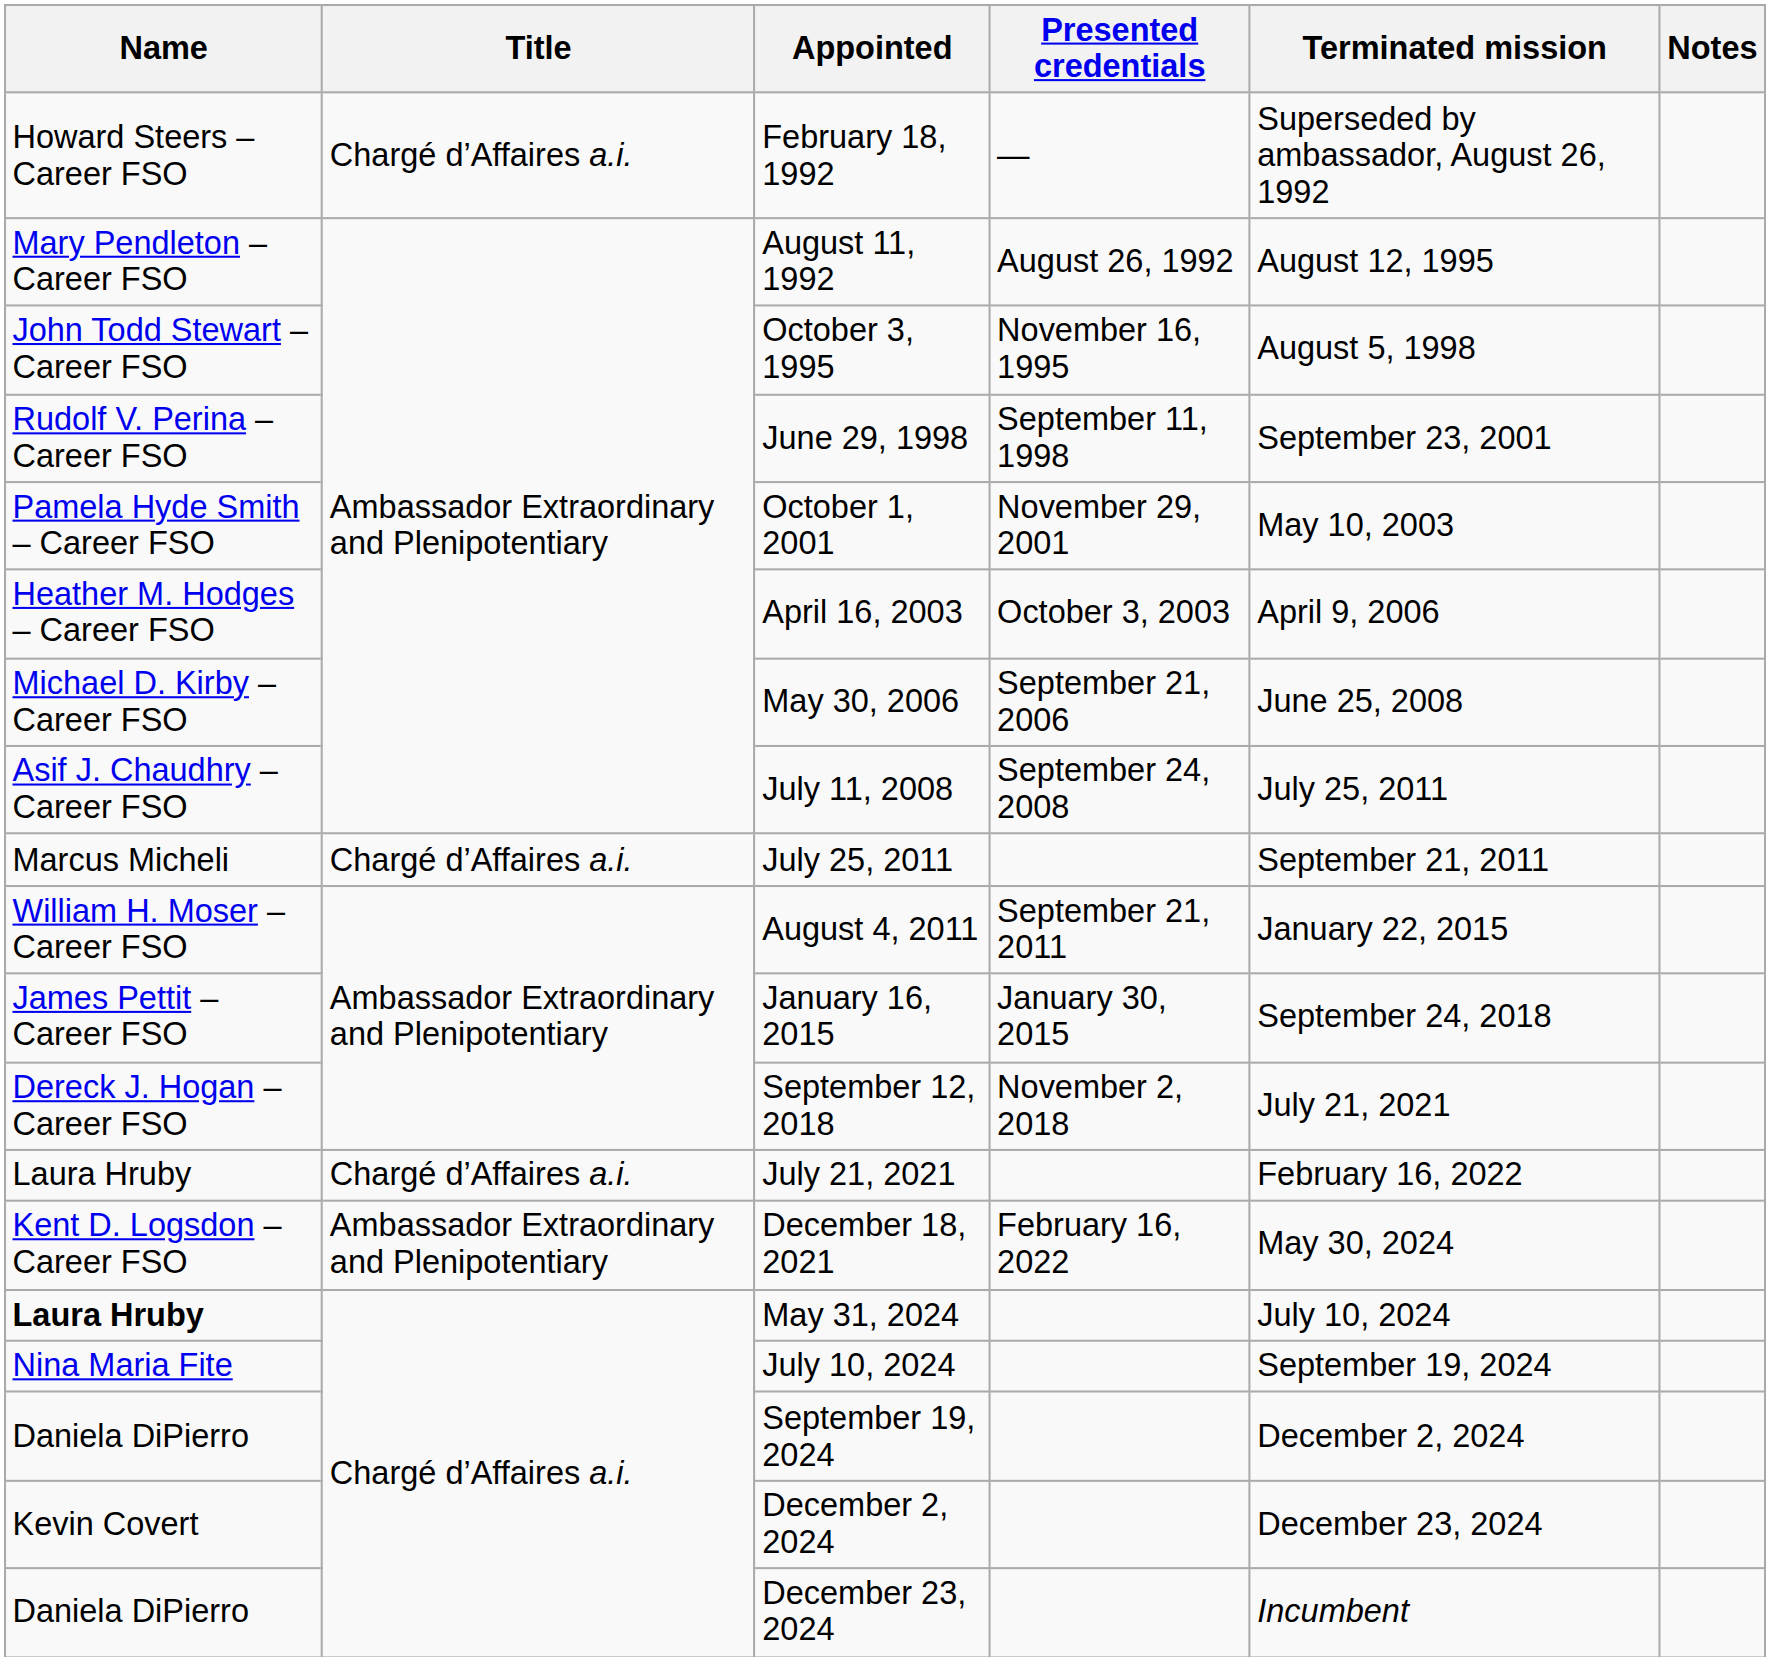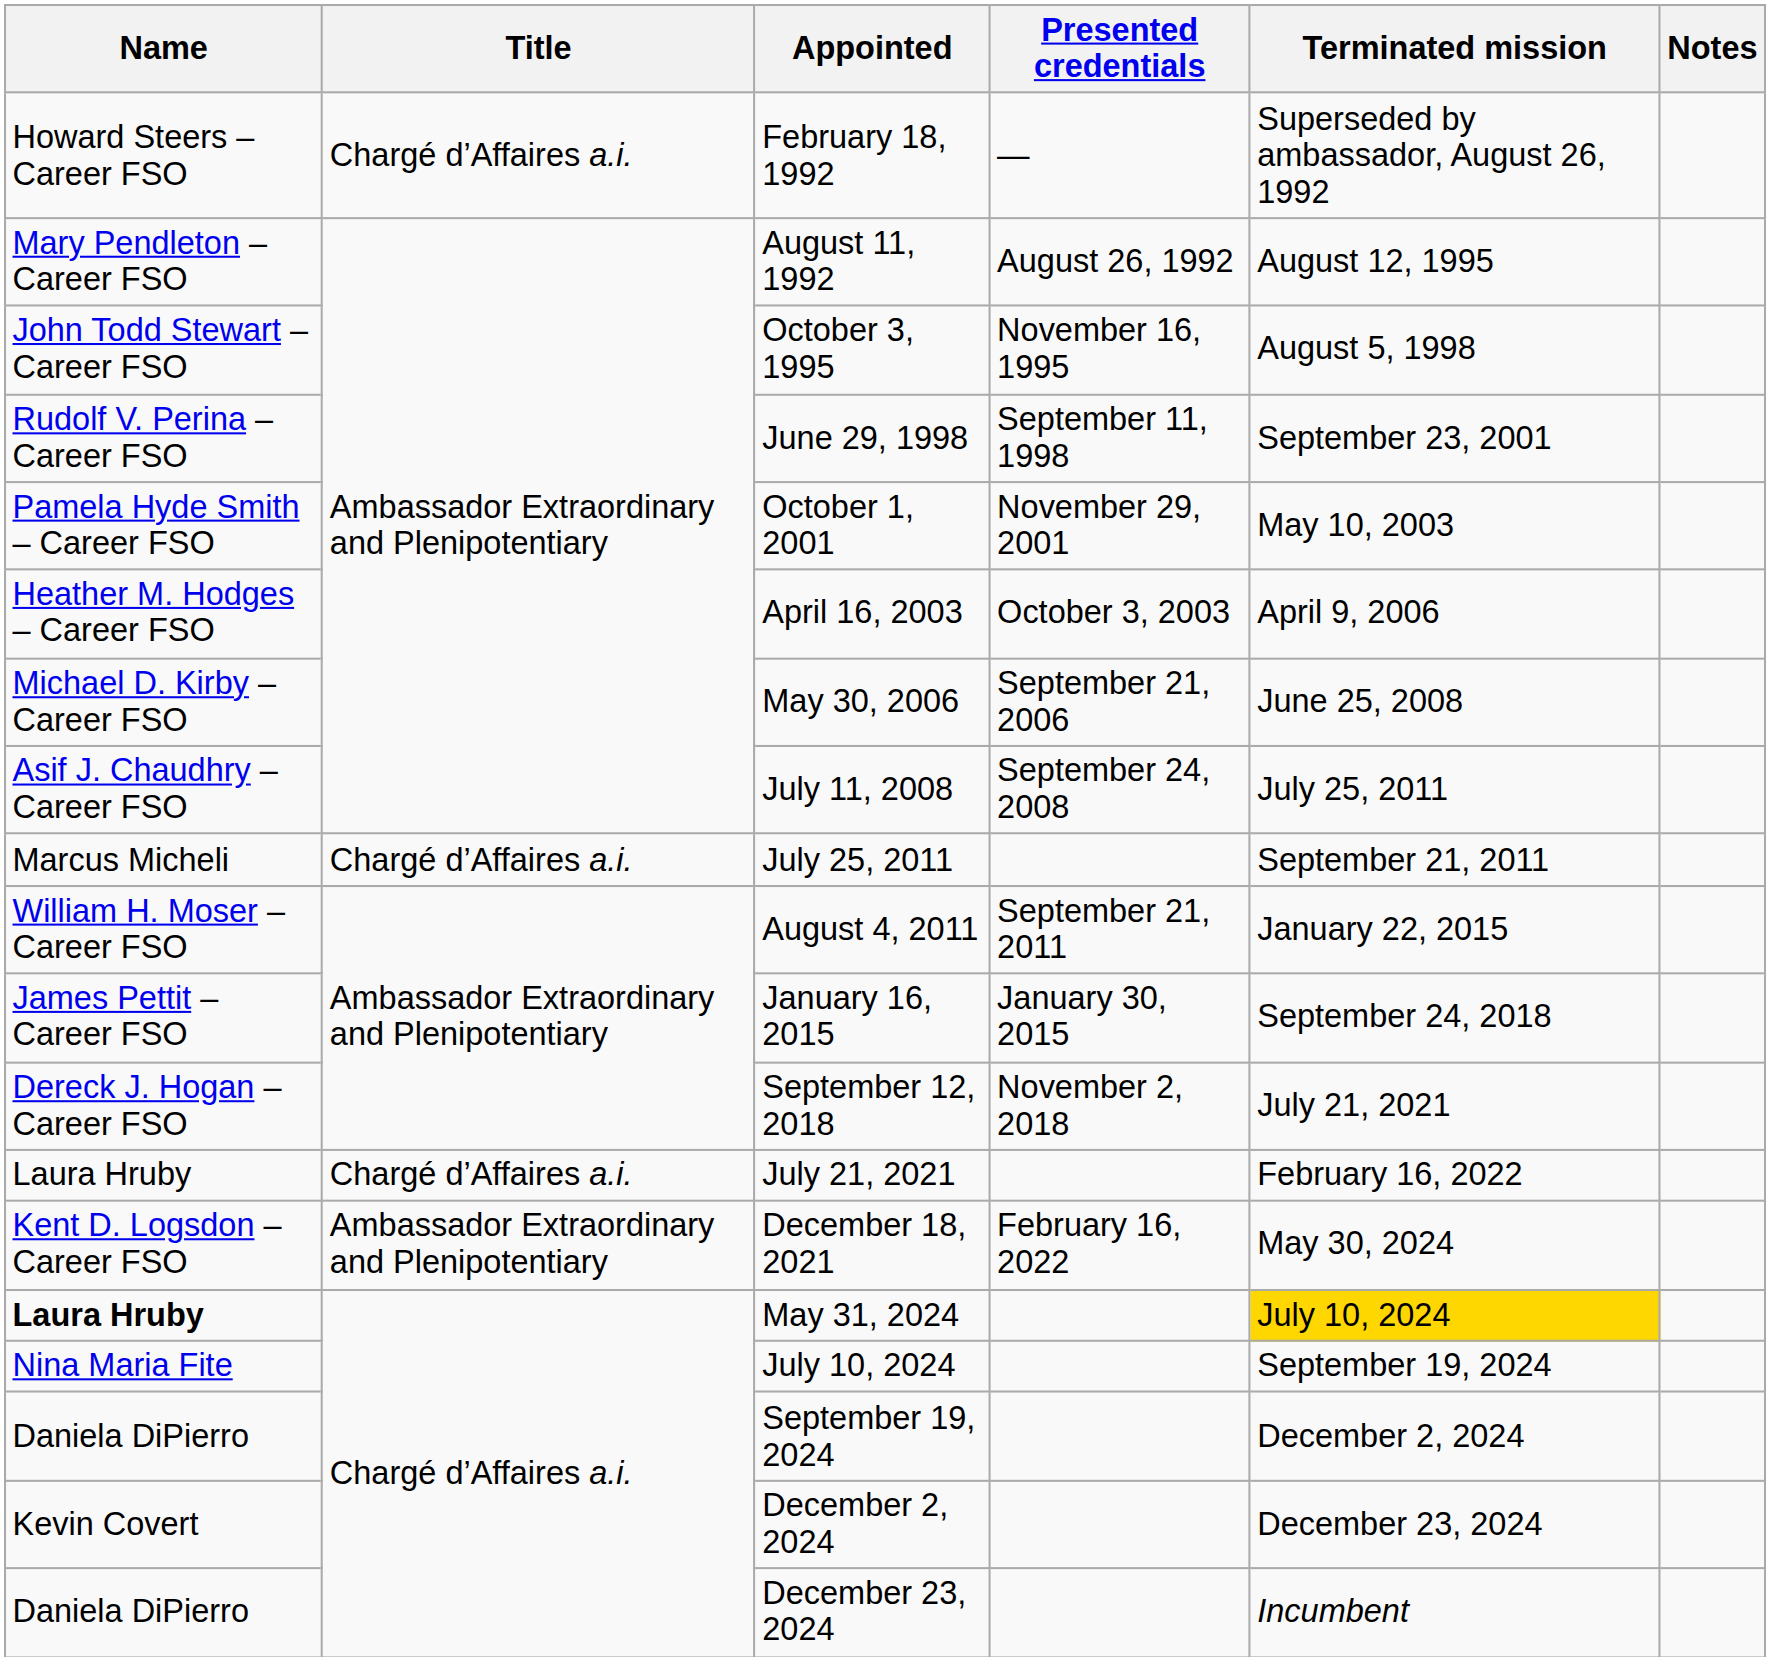 <table class="wikitable">
 <tr>
 <th>Name</th>
 <th>Title</th>
 <th>Appointed</th>
 <th><a href='#'>Presented credentials</a></th>
 <th>Terminated mission</th>
 <th>Notes</th>
 </tr>
 <tr>
 <td>Howard Steers – Career FSO</td>
 <td>Chargé d’Affaires <em>a.i.</em></td>
 <td>February 18, 1992</td>
 <td>—</td>
 <td>Superseded by ambassador, August 26, 1992</td>
 <td></td>
 </tr>
 <tr>
 <td><a href='#'>Mary Pendleton</a> – Career FSO</td>
 <td rowspan="7">Ambassador Extraordinary and Plenipotentiary</td>
 <td>August 11, 1992</td>
 <td>August 26, 1992</td>
 <td>August 12, 1995</td>
 <td></td>
 </tr>
 <tr>
 <td><a href='#'>John Todd Stewart</a> – Career FSO</td>
 <td>October 3, 1995</td>
 <td>November 16, 1995</td>
 <td>August 5, 1998</td>
 <td></td>
 </tr>
 <tr>
 <td><a href='#'>Rudolf V. Perina</a> – Career FSO</td>
 <td>June 29, 1998</td>
 <td>September 11, 1998</td>
 <td>September 23, 2001</td>
 <td></td>
 </tr>
 <tr>
 <td><a href='#'>Pamela Hyde Smith</a> – Career FSO</td>
 <td>October 1, 2001</td>
 <td>November 29, 2001</td>
 <td>May 10, 2003</td>
 <td></td>
 </tr>
 <tr>
 <td><a href='#'>Heather M. Hodges</a> – Career FSO</td>
 <td>April 16, 2003</td>
 <td>October 3, 2003</td>
 <td>April 9, 2006</td>
 <td></td>
 </tr>
 <tr>
 <td><a href='#'>Michael D. Kirby</a> – Career FSO</td>
 <td>May 30, 2006</td>
 <td>September 21, 2006</td>
 <td>June 25, 2008</td>
 <td></td>
 </tr>
 <tr>
 <td><a href='#'>Asif J. Chaudhry</a> – Career FSO</td>
 <td>July 11, 2008</td>
 <td>September 24, 2008</td>
 <td>July 25, 2011</td>
 <td></td>
 </tr>
 <tr>
 <td>Marcus Micheli</td>
 <td>Chargé d’Affaires <em>a.i.</em></td>
 <td>July 25, 2011</td>
 <td></td>
 <td>September 21, 2011</td>
 <td></td>
 </tr>
 <tr>
 <td><a href='#'>William H. Moser</a> – Career FSO</td>
 <td rowspan="3">Ambassador Extraordinary and Plenipotentiary</td>
 <td>August 4, 2011</td>
 <td>September 21, 2011</td>
 <td>January 22, 2015</td>
 <td></td>
 </tr>
 <tr>
 <td><a href='#'>James Pettit</a> – Career FSO</td>
 <td>January 16, 2015</td>
 <td>January 30, 2015</td>
 <td>September 24, 2018</td>
 <td></td>
 </tr>
 <tr>
 <td><a href='#'>Dereck J. Hogan</a> – Career FSO</td>
 <td>September 12, 2018</td>
 <td>November 2, 2018</td>
 <td>July 21, 2021</td>
 <td></td>
 </tr>
 <tr>
 <td>Laura Hruby</td>
 <td>Chargé d’Affaires <em>a.i.</em></td>
 <td>July 21, 2021</td>
 <td></td>
 <td>February 16, 2022</td>
 <td></td>
 </tr>
 <tr>
 <td><a href='#'>Kent D. Logsdon</a> – Career FSO</td>
 <td>Ambassador Extraordinary and Plenipotentiary</td>
 <td>December 18, 2021</td>
 <td>February 16, 2022</td>
 <td>May 30, 2024</td>
 <td></td>
 </tr>
 <tr>
 <td><strong>Laura Hruby</strong></td>
 <td rowspan="5">Chargé d’Affaires <em>a.i.</em></td>
 <td>May 31, 2024</td>
 <td></td>
-<td>July 10, 2024</td>
+<td style="background: gold;">July 10, 2024</td>
 <td></td>
 </tr>
 <tr>
 <td><a href='#'>Nina Maria Fite</a></td>
 <td>July 10, 2024</td>
 <td></td>
 <td>September 19, 2024</td>
 <td></td>
 </tr>
 <tr>
 <td>Daniela DiPierro</td>
 <td>September 19, 2024</td>
 <td></td>
 <td>December 2, 2024</td>
 <td></td>
 </tr>
 <tr>
 <td>Kevin Covert</td>
 <td>December 2, 2024</td>
 <td></td>
 <td>December 23, 2024</td>
 <td></td>
 </tr>
 <tr>
 <td>Daniela DiPierro</td>
 <td>December 23, 2024</td>
 <td></td>
 <td><em>Incumbent</em></td>
 <td></td>
 </tr>
 </table>
